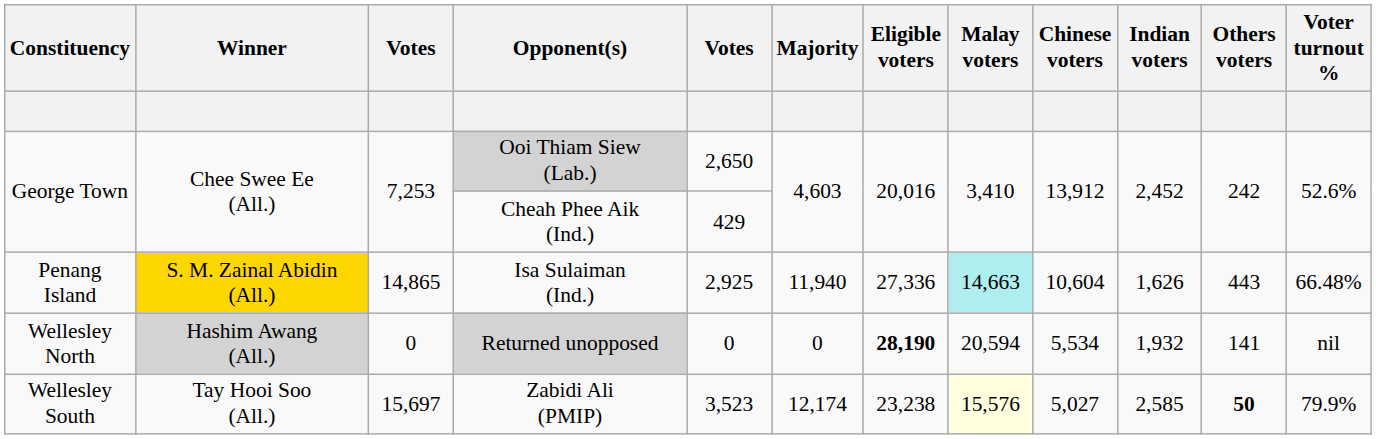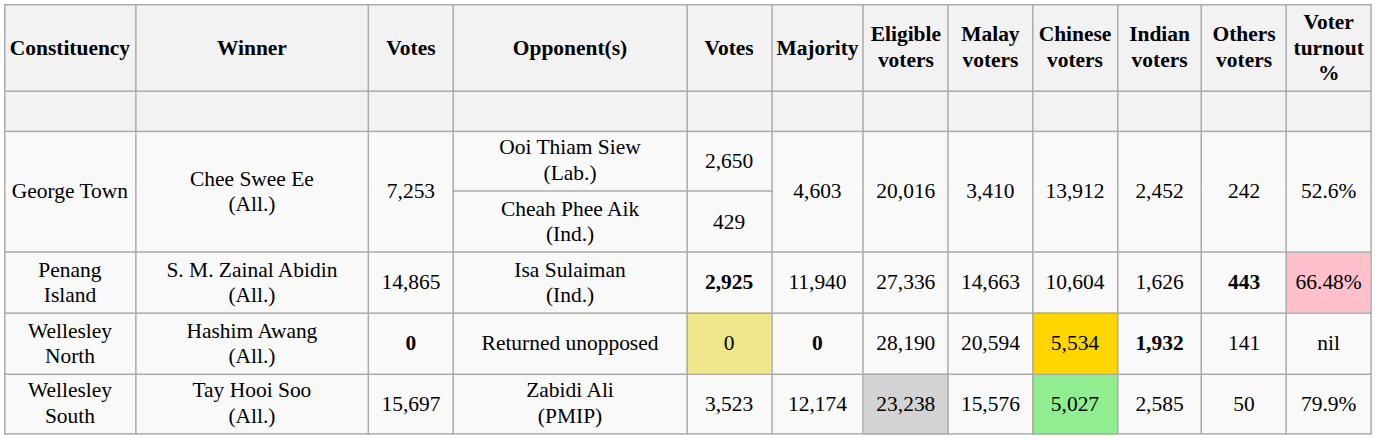 <table class="wikitable sortable" style="text-align:center; font-size:90%">
 <tr>
 <th width="60">Constituency</th>
 <th width="150">Winner</th>
 <th width="50">Votes</th>
 <th width="150">Opponent(s)</th>
 <th width="50">Votes</th>
 <th width="50">Majority</th>
 <th width="50">Eligible voters</th>
 <th width="50">Malay voters</th>
 <th width="50">Chinese voters</th>
 <th width="50">Indian voters</th>
 <th width="50">Others voters</th>
 <th width="50">Voter turnout %</th>
 </tr>
 <tr>
 <th height="20"></th>
 <th></th>
 <th></th>
 <th></th>
 <th></th>
 <th></th>
 <th></th>
 <th></th>
 <th></th>
 <th></th>
 <th></th>
 <th></th>
 </tr>
 <tr>
 <td rowspan=2>George Town</td>
 <td rowspan=2>Chee Swee Ee<br>(All.)</td>
 <td rowspan=2>7,253</td>
-<td style="background: lightgrey;">Ooi Thiam Siew<br>(Lab.)</td>
+<td>Ooi Thiam Siew<br>(Lab.)</td>
 <td>2,650</td>
 <td rowspan=2>4,603</td>
 <td rowspan=2>20,016</td>
 <td rowspan=2>3,410</td>
 <td rowspan=2>13,912</td>
 <td rowspan=2>2,452</td>
 <td rowspan=2>242</td>
 <td rowspan=2>52.6%</td>
 </tr>
 <tr>
 <td>Cheah Phee Aik<br>(Ind.)</td>
 <td>429</td>
 </tr>
 <tr>
 <td>Penang Island</td>
-<td style="background: gold;">S. M. Zainal Abidin<br>(All.)</td>
+<td>S. M. Zainal Abidin<br>(All.)</td>
 <td>14,865</td>
 <td>Isa Sulaiman<br>(Ind.)</td>
-<td>2,925</td>
+<td><strong>2,925</strong></td>
 <td>11,940</td>
 <td>27,336</td>
-<td style="background: paleturquoise;">14,663</td>
+<td>14,663</td>
 <td>10,604</td>
 <td>1,626</td>
-<td>443</td>
-<td>66.48%</td>
+<td><strong>443</strong></td>
+<td style="background: pink;">66.48%</td>
 </tr>
 <tr>
 <td>Wellesley North</td>
-<td style="background: lightgrey;">Hashim Awang<br>(All.)</td>
-<td>0</td>
-<td style="background: lightgrey;">Returned unopposed</td>
-<td>0</td>
-<td>0</td>
-<td><strong>28,190</strong></td>
+<td>Hashim Awang<br>(All.)</td>
+<td><strong>0</strong></td>
+<td>Returned unopposed</td>
+<td style="background: khaki;">0</td>
+<td><strong>0</strong></td>
+<td>28,190</td>
 <td>20,594</td>
-<td>5,534</td>
-<td>1,932</td>
+<td style="background: gold;">5,534</td>
+<td><strong>1,932</strong></td>
 <td>141</td>
 <td>nil</td>
 </tr>
 <tr>
 <td>Wellesley South</td>
 <td>Tay Hooi Soo<br>(All.)</td>
 <td>15,697</td>
 <td>Zabidi Ali<br>(PMIP)</td>
 <td>3,523</td>
 <td>12,174</td>
-<td>23,238</td>
-<td style="background: lightyellow;">15,576</td>
-<td>5,027</td>
+<td style="background: lightgrey;">23,238</td>
+<td>15,576</td>
+<td style="background: lightgreen;">5,027</td>
 <td>2,585</td>
-<td><strong>50</strong></td>
+<td>50</td>
 <td>79.9%</td>
 </tr>
 </table>
